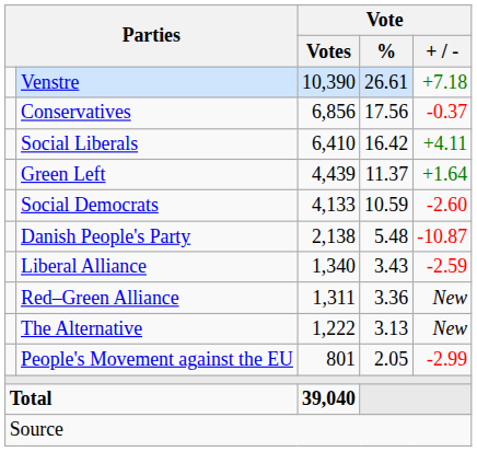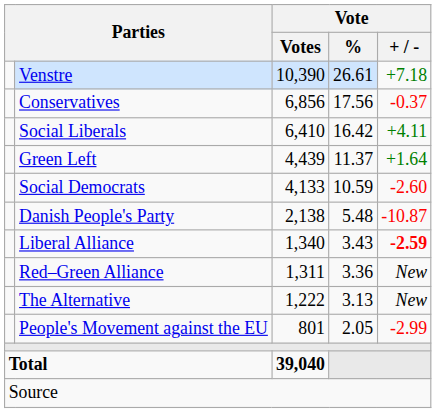 <table class="wikitable" style="text-align:right;">
 <tr>
 <th style="text-align:centre;" rowspan="2" colspan="2" width="225">Parties</th>
 <th colspan="3">Vote</th>
 </tr>
 <tr>
 <th width="15">Votes</th>
 <th width="15">%</th>
 <th width="15">+ / -</th>
 </tr>
 <tr>
 <td width="2" style="color:inherit;background:"></td>
 <td bgcolor=#cfe5fe   align="left"><a href='#'>Venstre</a></td>
 <td bgcolor=#cfe5fe>10,390</td>
 <td bgcolor=#cfe5fe>26.61</td>
 <td style=color:green;>+7.18</td>
 </tr>
 <tr>
 <td width="2" style="color:inherit;background:"></td>
 <td align="left"><a href='#'>Conservatives</a></td>
 <td>6,856</td>
 <td>17.56</td>
 <td style=color:red;>-0.37</td>
 </tr>
 <tr>
 <td width="2" style="color:inherit;background:"></td>
 <td align="left"><a href='#'>Social Liberals</a></td>
 <td>6,410</td>
 <td>16.42</td>
 <td style=color:green;>+4.11</td>
 </tr>
 <tr>
 <td width="2" style="color:inherit;background:"></td>
 <td align="left"><a href='#'>Green Left</a></td>
 <td>4,439</td>
 <td>11.37</td>
 <td style=color:green;>+1.64</td>
 </tr>
 <tr>
 <td width="2" style="color:inherit;background:"></td>
 <td align="left"><a href='#'>Social Democrats</a></td>
 <td>4,133</td>
 <td>10.59</td>
 <td style=color:red;>-2.60</td>
 </tr>
 <tr>
 <td width="2" style="color:inherit;background:"></td>
 <td align="left"><a href='#'>Danish People's Party</a></td>
 <td>2,138</td>
 <td>5.48</td>
 <td style=color:red;>-10.87</td>
 </tr>
 <tr>
 <td width="2" style="color:inherit;background:"></td>
 <td align="left"><a href='#'>Liberal Alliance</a></td>
 <td>1,340</td>
 <td>3.43</td>
-<td style=color:red;>-2.59</td>
+<td style=color:red;><strong>-2.59</strong></td>
 </tr>
 <tr>
 <td width="2" style="color:inherit;background:"></td>
 <td align="left"><a href='#'>Red–Green Alliance</a></td>
 <td>1,311</td>
 <td>3.36</td>
 <td><em>New</em></td>
 </tr>
 <tr>
 <td width="2" style="color:inherit;background:"></td>
 <td align="left"><a href='#'>The Alternative</a></td>
 <td>1,222</td>
 <td>3.13</td>
 <td><em>New</em></td>
 </tr>
 <tr>
 <td width="2" style="color:inherit;background:"></td>
 <td align="left"><a href='#'>People's Movement against the EU</a></td>
 <td>801</td>
 <td>2.05</td>
 <td style=color:red;>-2.99</td>
 </tr>
 <tr>
 <td colspan="7" bgcolor="#E9E9E9"></td>
 </tr>
 <tr>
 <td align="left" colspan="2"><strong>Total</strong></td>
 <td><strong>39,040</strong></td>
 <td bgcolor="#E9E9E9" colspan="2"></td>
 </tr>
 <tr>
 <td align="left" colspan="6">Source</td>
 </tr>
 </table>
